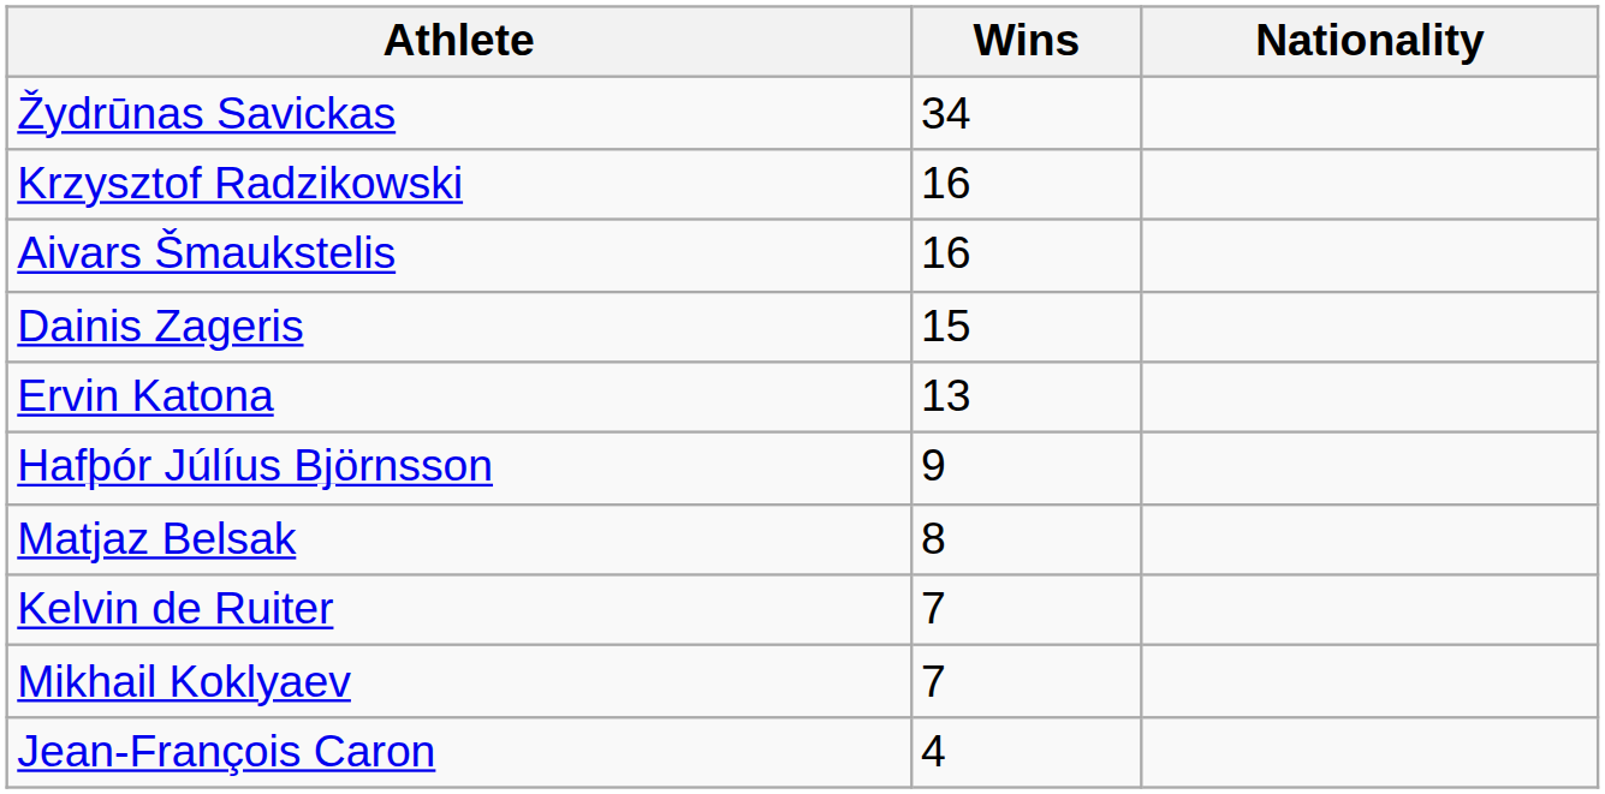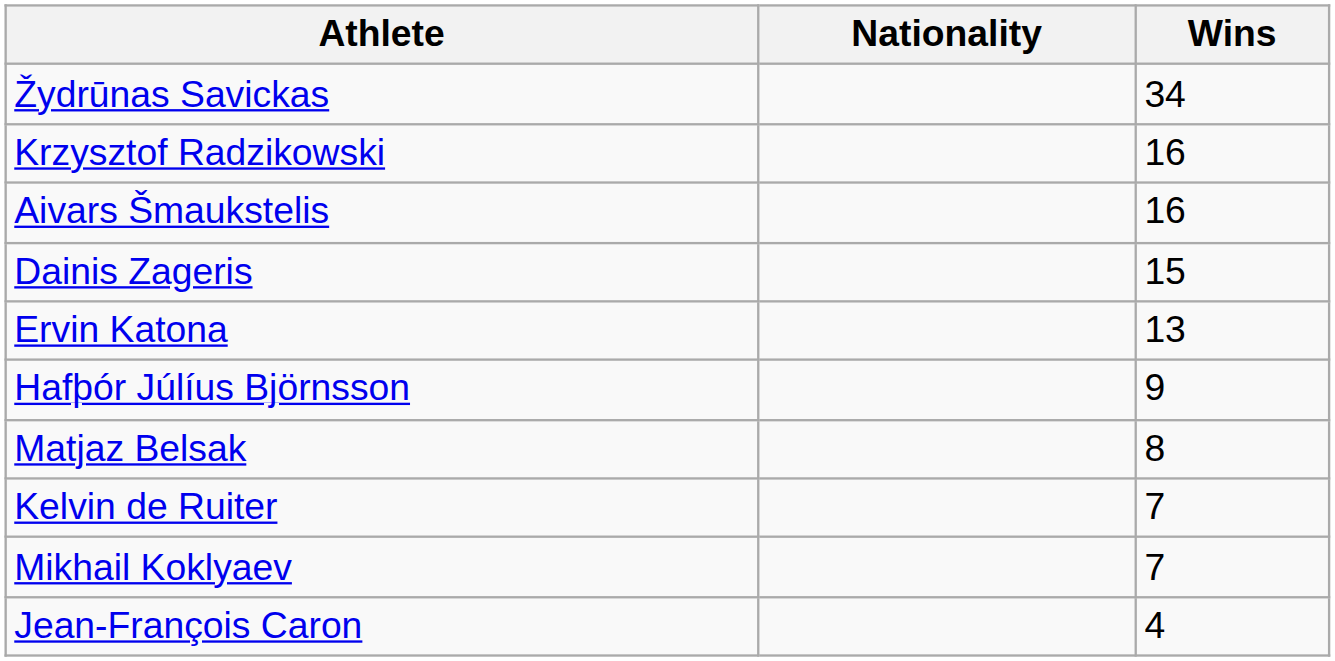 <table class="wikitable" style="display: inline-table; margin-left: 50px;width: 45%;">
 <tr>
 <th scope="col">Athlete</th>
+<th scope="col">Nationality</th>
 <th scope="col">Wins</th>
-<th scope="col">Nationality</th>
 </tr>
 <tr>
 <td><a href='#'>Žydrūnas Savickas</a></td>
+<td></td>
 <td>34</td>
-<td></td>
 </tr>
 <tr>
 <td><a href='#'>Krzysztof Radzikowski</a></td>
+<td></td>
 <td>16</td>
-<td></td>
 </tr>
 <tr>
 <td><a href='#'>Aivars Šmaukstelis</a></td>
+<td></td>
 <td>16</td>
-<td></td>
 </tr>
 <tr>
 <td><a href='#'>Dainis Zageris</a></td>
+<td></td>
 <td>15</td>
-<td></td>
 </tr>
 <tr>
 <td><a href='#'>Ervin Katona</a></td>
+<td></td>
 <td>13</td>
-<td></td>
 </tr>
 <tr>
 <td><a href='#'>Hafþór Júlíus Björnsson</a></td>
+<td></td>
 <td>9</td>
-<td></td>
 </tr>
 <tr>
 <td><a href='#'>Matjaz Belsak</a></td>
+<td></td>
 <td>8</td>
-<td></td>
 </tr>
 <tr>
 <td><a href='#'>Kelvin de Ruiter</a></td>
+<td></td>
 <td>7</td>
-<td></td>
 </tr>
 <tr>
 <td><a href='#'>Mikhail Koklyaev</a></td>
+<td></td>
 <td>7</td>
-<td></td>
 </tr>
 <tr>
 <td><a href='#'>Jean-François Caron</a></td>
+<td></td>
 <td>4</td>
-<td></td>
 </tr>
 </table>
